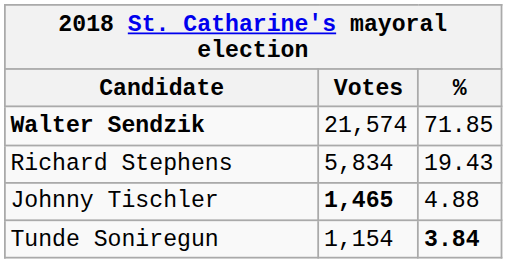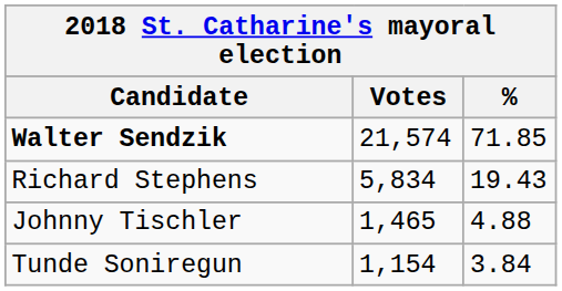 <table class="wikitable">
 <tr>
 <th colspan="3">2018 <a href='#'>St. Catharine's</a> mayoral election</th>
 </tr>
 <tr>
 <th style="width: 170px">Candidate</th>
 <th style="width: 50px">Votes</th>
 <th style="width: 40px">%</th>
 </tr>
 <tr>
 <td><strong>Walter Sendzik</strong></td>
 <td>21,574</td>
 <td>71.85</td>
 </tr>
 <tr>
 <td>Richard Stephens</td>
 <td>5,834</td>
 <td>19.43</td>
 </tr>
 <tr>
 <td>Johnny Tischler</td>
-<td><strong>1,465</strong></td>
+<td>1,465</td>
 <td>4.88</td>
 </tr>
 <tr>
 <td>Tunde Soniregun</td>
 <td>1,154</td>
-<td><strong>3.84</strong></td>
+<td>3.84</td>
 </tr>
 </table>
